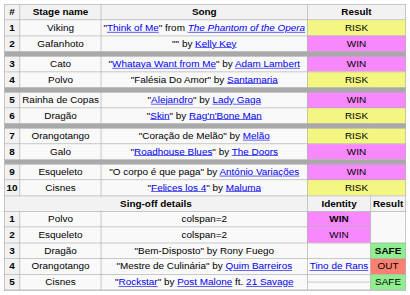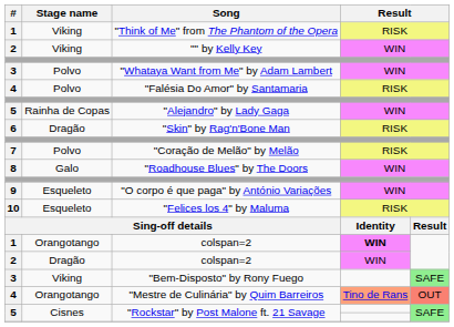 <table class="wikitable plainrowheaders" style="text-align: center;">
 <tr>
 <th>#</th>
 <th>Stage name</th>
 <th>Song</th>
 <th colspan=2>Result</th>
 </tr>
 <tr>
 <th>1</th>
 <td>Viking</td>
 <td>"<a href='#'>Think of Me</a>" from <em><a href='#'>The Phantom of the Opera</a></em></td>
 <td colspan=2 bgcolor="#F3F781">RISK</td>
 </tr>
 <tr>
 <th>2</th>
-<td>Gafanhoto</td>
+<td>Viking</td>
 <td>"" by <a href='#'>Kelly Key</a></td>
 <td colspan=2 bgcolor="#F888FD">WIN</td>
 </tr>
 <tr>
 <td colspan="5" style="background:darkgray"></td>
 </tr>
 <tr>
 <th>3</th>
-<td>Cato</td>
+<td>Polvo</td>
 <td>"<a href='#'>Whataya Want from Me</a>" by <a href='#'>Adam Lambert</a></td>
 <td colspan=2 bgcolor="#F888FD">WIN</td>
 </tr>
 <tr>
 <th>4</th>
 <td>Polvo</td>
 <td>"Falésia Do Amor" by <a href='#'>Santamaria</a></td>
 <td colspan=2 bgcolor="#F3F781">RISK</td>
 </tr>
 <tr>
 <td colspan="5" style="background:darkgray"></td>
 </tr>
 <tr>
 <th>5</th>
 <td>Rainha de Copas</td>
 <td>"<a href='#'>Alejandro</a>" by <a href='#'>Lady Gaga</a></td>
 <td colspan=2 bgcolor="#F888FD">WIN</td>
 </tr>
 <tr>
 <th>6</th>
 <td>Dragão</td>
 <td>"<a href='#'>Skin</a>" by <a href='#'>Rag'n'Bone Man</a></td>
 <td colspan=2 bgcolor="#F3F781">RISK</td>
 </tr>
 <tr>
 <td colspan="5" style="background:darkgray"></td>
 </tr>
 <tr>
 <th>7</th>
-<td>Orangotango</td>
+<td>Polvo</td>
 <td>"Coração de Melão" by <a href='#'>Melão</a></td>
 <td colspan=2 bgcolor="#F3F781">RISK</td>
 </tr>
 <tr>
 <th>8</th>
 <td>Galo</td>
 <td>"<a href='#'>Roadhouse Blues</a>" by <a href='#'>The Doors</a></td>
 <td colspan=2 bgcolor="#F888FD">WIN</td>
 </tr>
 <tr>
 <td colspan="5" style="background:darkgray"></td>
 </tr>
 <tr>
 <th>9</th>
 <td>Esqueleto</td>
 <td>"O corpo é que paga" by <a href='#'>António Variações</a></td>
 <td colspan=2 bgcolor="#F888FD">WIN</td>
 </tr>
 <tr>
 <th>10</th>
-<td>Cisnes</td>
+<td>Esqueleto</td>
 <td>"<a href='#'>Felices los 4</a>" by <a href='#'>Maluma</a></td>
 <td colspan=2 bgcolor="#F3F781">RISK</td>
 </tr>
 <tr>
 <th colspan="3">Sing-off details</th>
 <th>Identity</th>
 <th>Result</th>
 </tr>
 <tr>
 <th>1</th>
-<td>Polvo</td>
+<td>Orangotango</td>
 <td>colspan=2 </td>
 <td bgcolor="F888FD"><strong>WIN</strong></td>
 </tr>
 <tr>
 <th>2</th>
-<td>Esqueleto</td>
+<td>Dragão</td>
 <td>colspan=2 </td>
 <td bgcolor="F888FD">WIN</td>
 </tr>
 <tr>
 <th>3</th>
-<td>Dragão</td>
+<td>Viking</td>
 <td>"Bem-Disposto" by Rony Fuego</td>
 <td></td>
-<td bgcolor=lightgreen><strong>SAFE</strong></td>
+<td bgcolor=lightgreen>SAFE</td>
 </tr>
 <tr>
 <th>4</th>
 <td>Orangotango</td>
 <td>"Mestre de Culinária" by <a href='#'>Quim Barreiros</a></td>
-<td><a href='#'>Tino de Rans</a></td>
+<td style="background: lightsalmon;"><a href='#'>Tino de Rans</a></td>
 <td bgcolor=salmon>OUT</td>
 </tr>
 <tr>
 <th rowspan="2">5</th>
 <td rowspan="2">Cisnes</td>
 <td rowspan="2">"<a href='#'>Rockstar</a>" by <a href='#'>Post Malone</a> ft. <a href='#'>21 Savage</a></td>
 <td></td>
 <td rowspan="2" bgcolor=lightgreen>SAFE</td>
 </tr>
 <tr>
 <td></td>
 </tr>
 <tr>
 </tr>
 </table>
